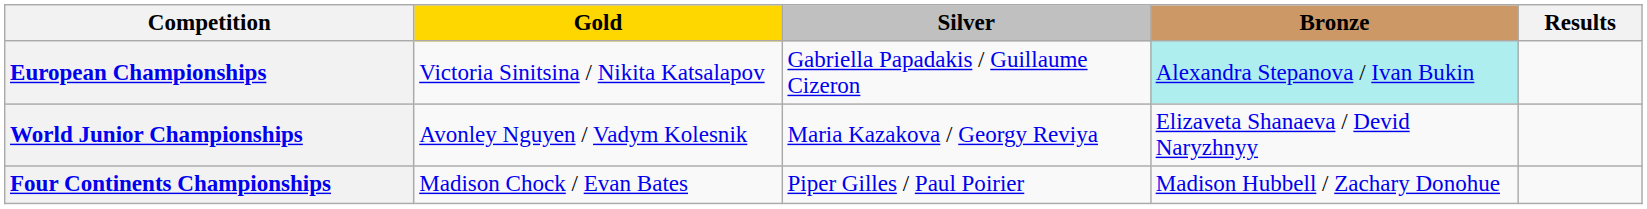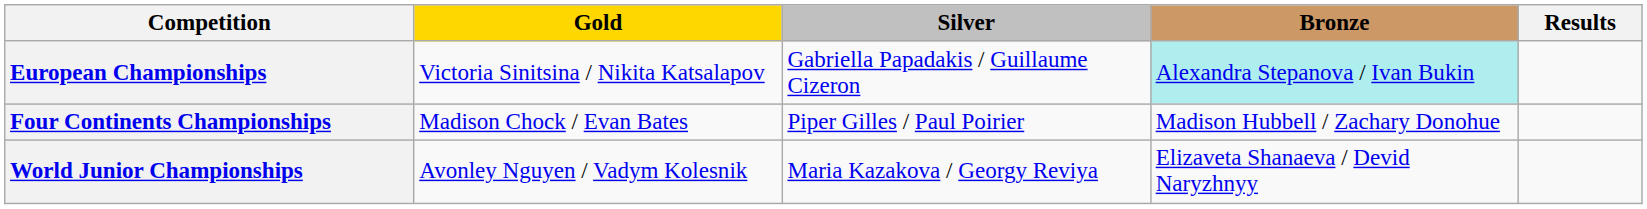 <table class="wikitable unsortable" style="text-align:left; width:90%;">
 <tr>
 <th scope="col" style="text-align:center; width:25%;">Competition</th>
 <td scope="col" style="text-align:center; width:22.5%; background:gold"><strong>Gold</strong></td>
 <td scope="col" style="text-align:center; width:22.5%; background:silver"><strong>Silver</strong></td>
 <td scope="col" style="text-align:center; width:22.5%; background:#c96"><strong>Bronze</strong></td>
 <th scope="col" style="text-align:center; width:7.5%;">Results</th>
 </tr>
 <tr>
 <th scope="row" style="text-align:left"> <a href='#'>European Championships</a></th>
 <td> <a href='#'>Victoria Sinitsina</a> / <a href='#'>Nikita Katsalapov</a></td>
 <td> <a href='#'>Gabriella Papadakis</a> / <a href='#'>Guillaume Cizeron</a></td>
 <td style="background: paleturquoise;"> <a href='#'>Alexandra Stepanova</a> / <a href='#'>Ivan Bukin</a></td>
 <td></td>
 </tr>
 <tr>
+<th scope="row" style="text-align:left"> <a href='#'>Four Continents Championships</a></th>
+<td> <a href='#'>Madison Chock</a> / <a href='#'>Evan Bates</a></td>
+<td> <a href='#'>Piper Gilles</a> / <a href='#'>Paul Poirier</a></td>
+<td> <a href='#'>Madison Hubbell</a> / <a href='#'>Zachary Donohue</a></td>
+<td></td>
+</tr>
+<tr>
 <th scope="row" style="text-align:left"> <a href='#'>World Junior Championships</a></th>
 <td> <a href='#'>Avonley Nguyen</a> / <a href='#'>Vadym Kolesnik</a></td>
 <td> <a href='#'>Maria Kazakova</a> / <a href='#'>Georgy Reviya</a></td>
 <td> <a href='#'>Elizaveta Shanaeva</a> / <a href='#'>Devid Naryzhnyy</a></td>
 <td></td>
 </tr>
-<tr>
-<th scope="row" style="text-align:left"> <a href='#'>Four Continents Championships</a></th>
-<td> <a href='#'>Madison Chock</a> / <a href='#'>Evan Bates</a></td>
-<td> <a href='#'>Piper Gilles</a> / <a href='#'>Paul Poirier</a></td>
-<td> <a href='#'>Madison Hubbell</a> / <a href='#'>Zachary Donohue</a></td>
-<td></td>
-</tr>
 </table>
